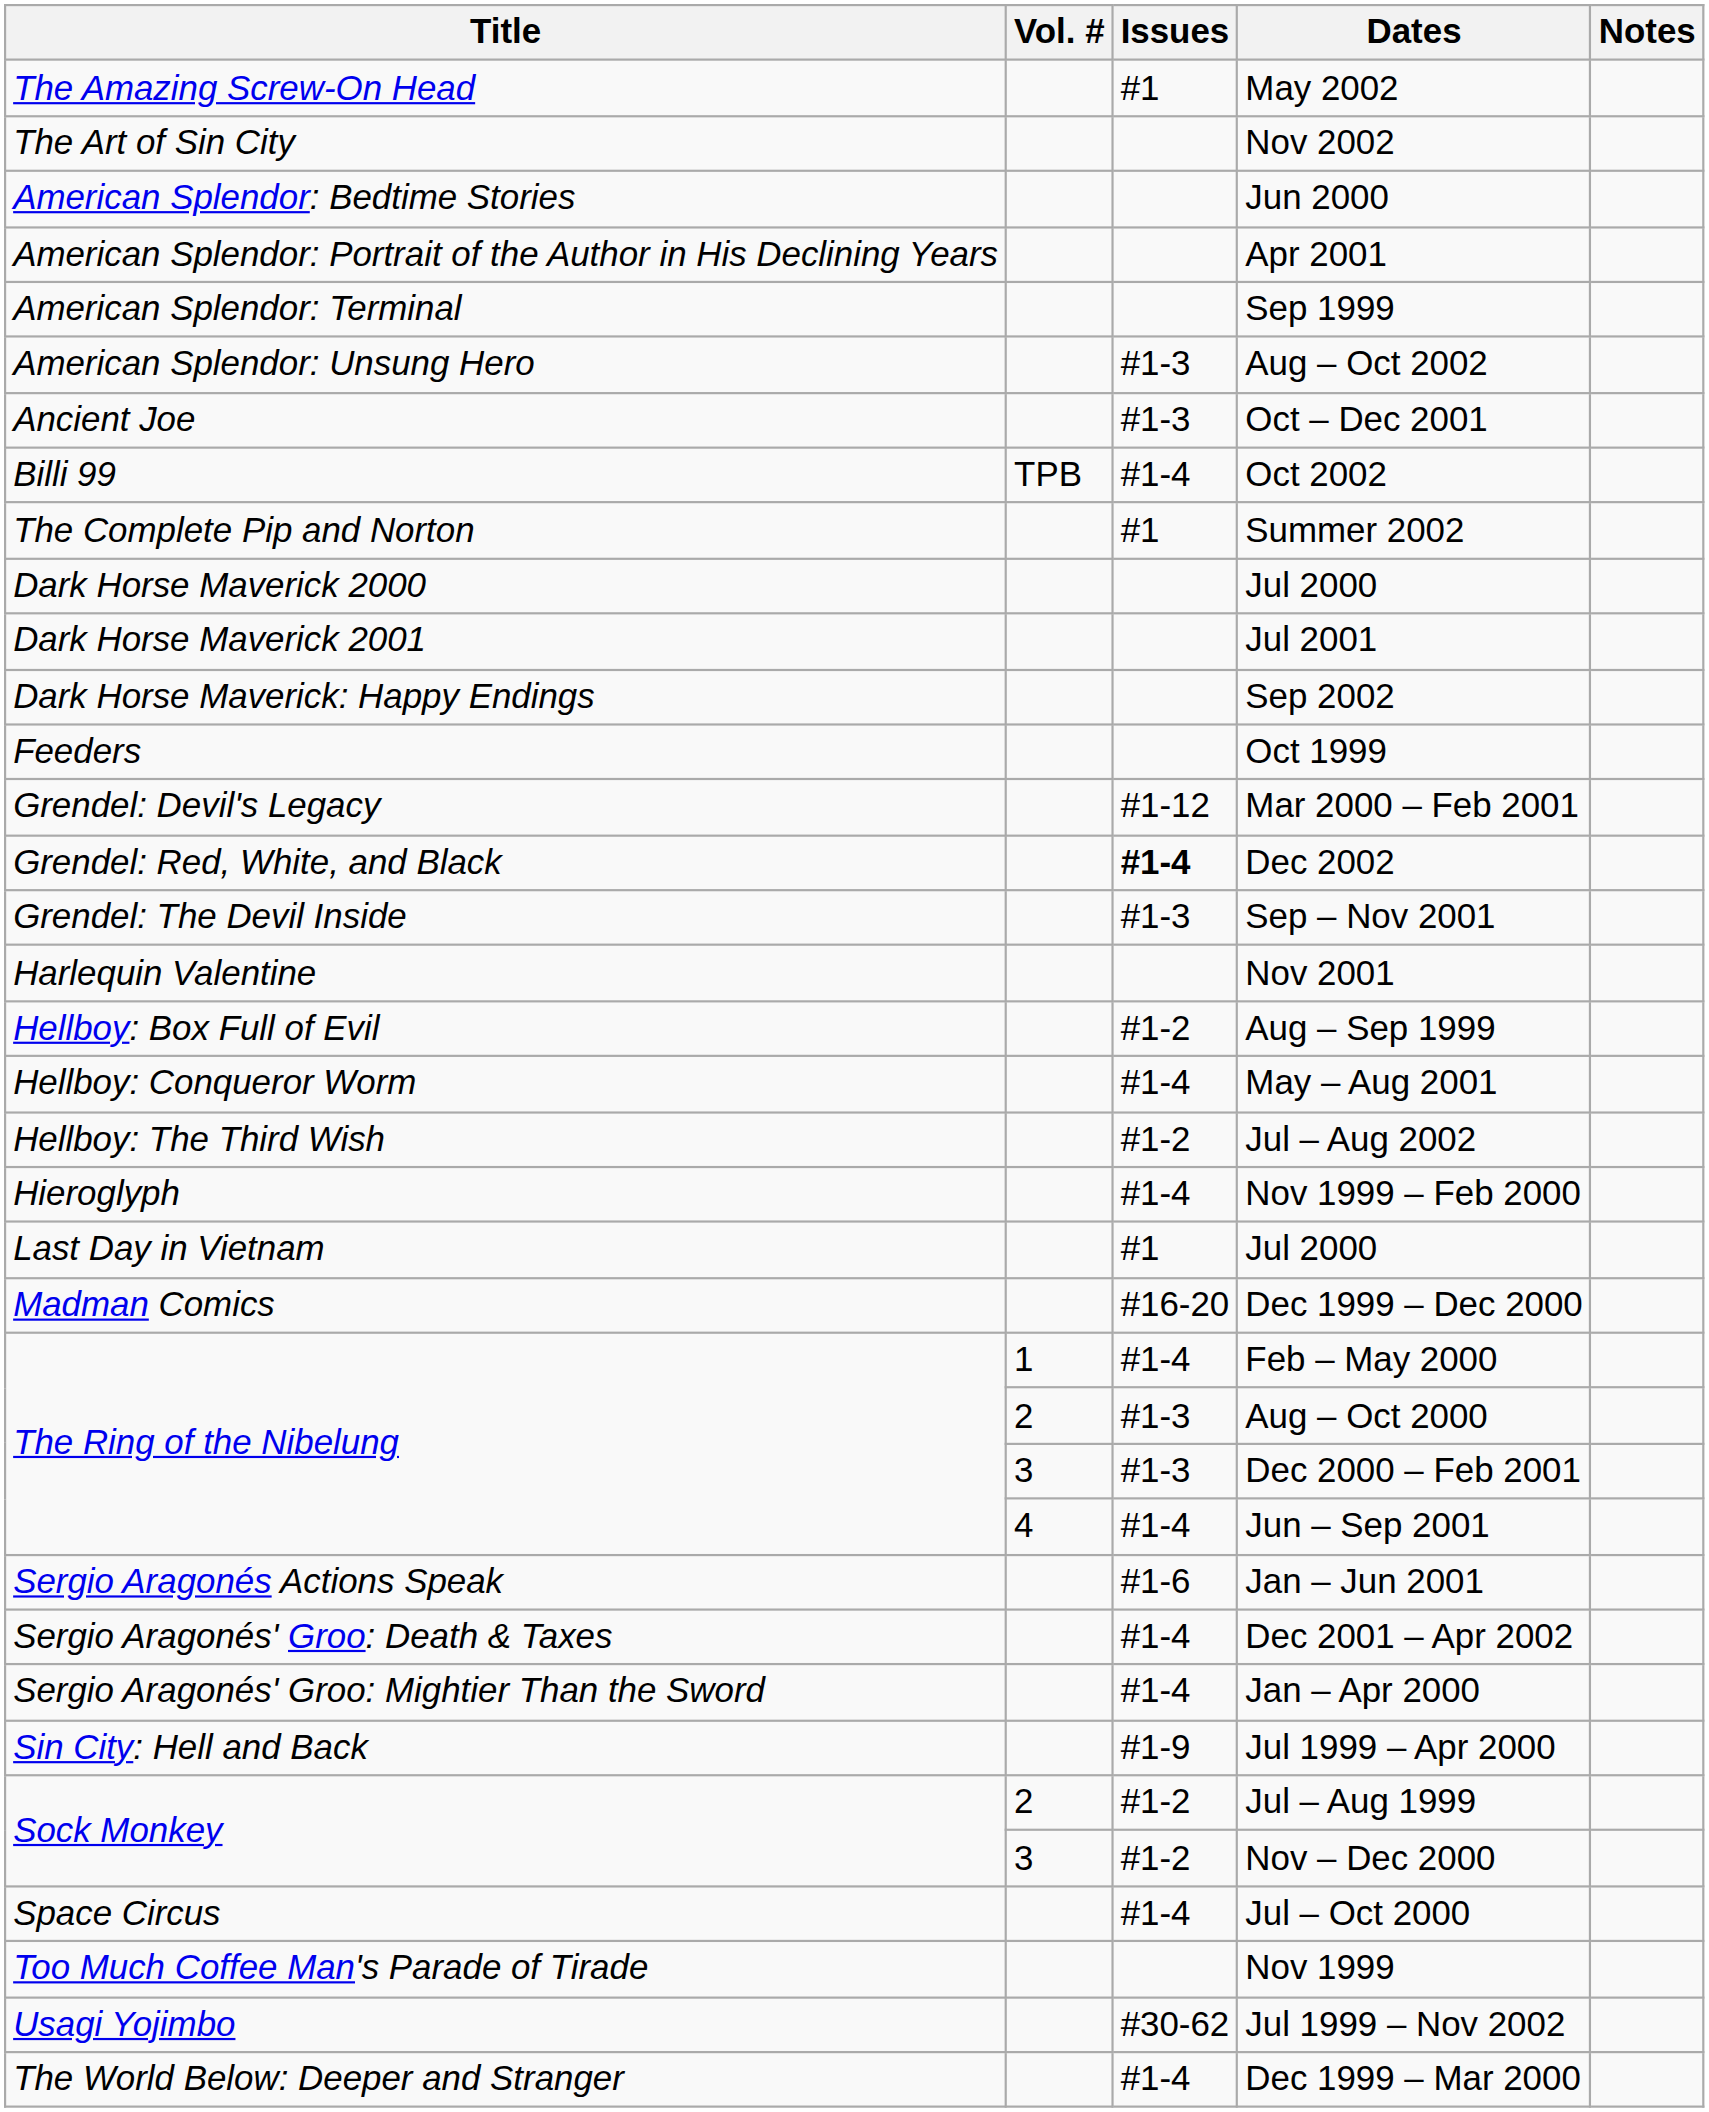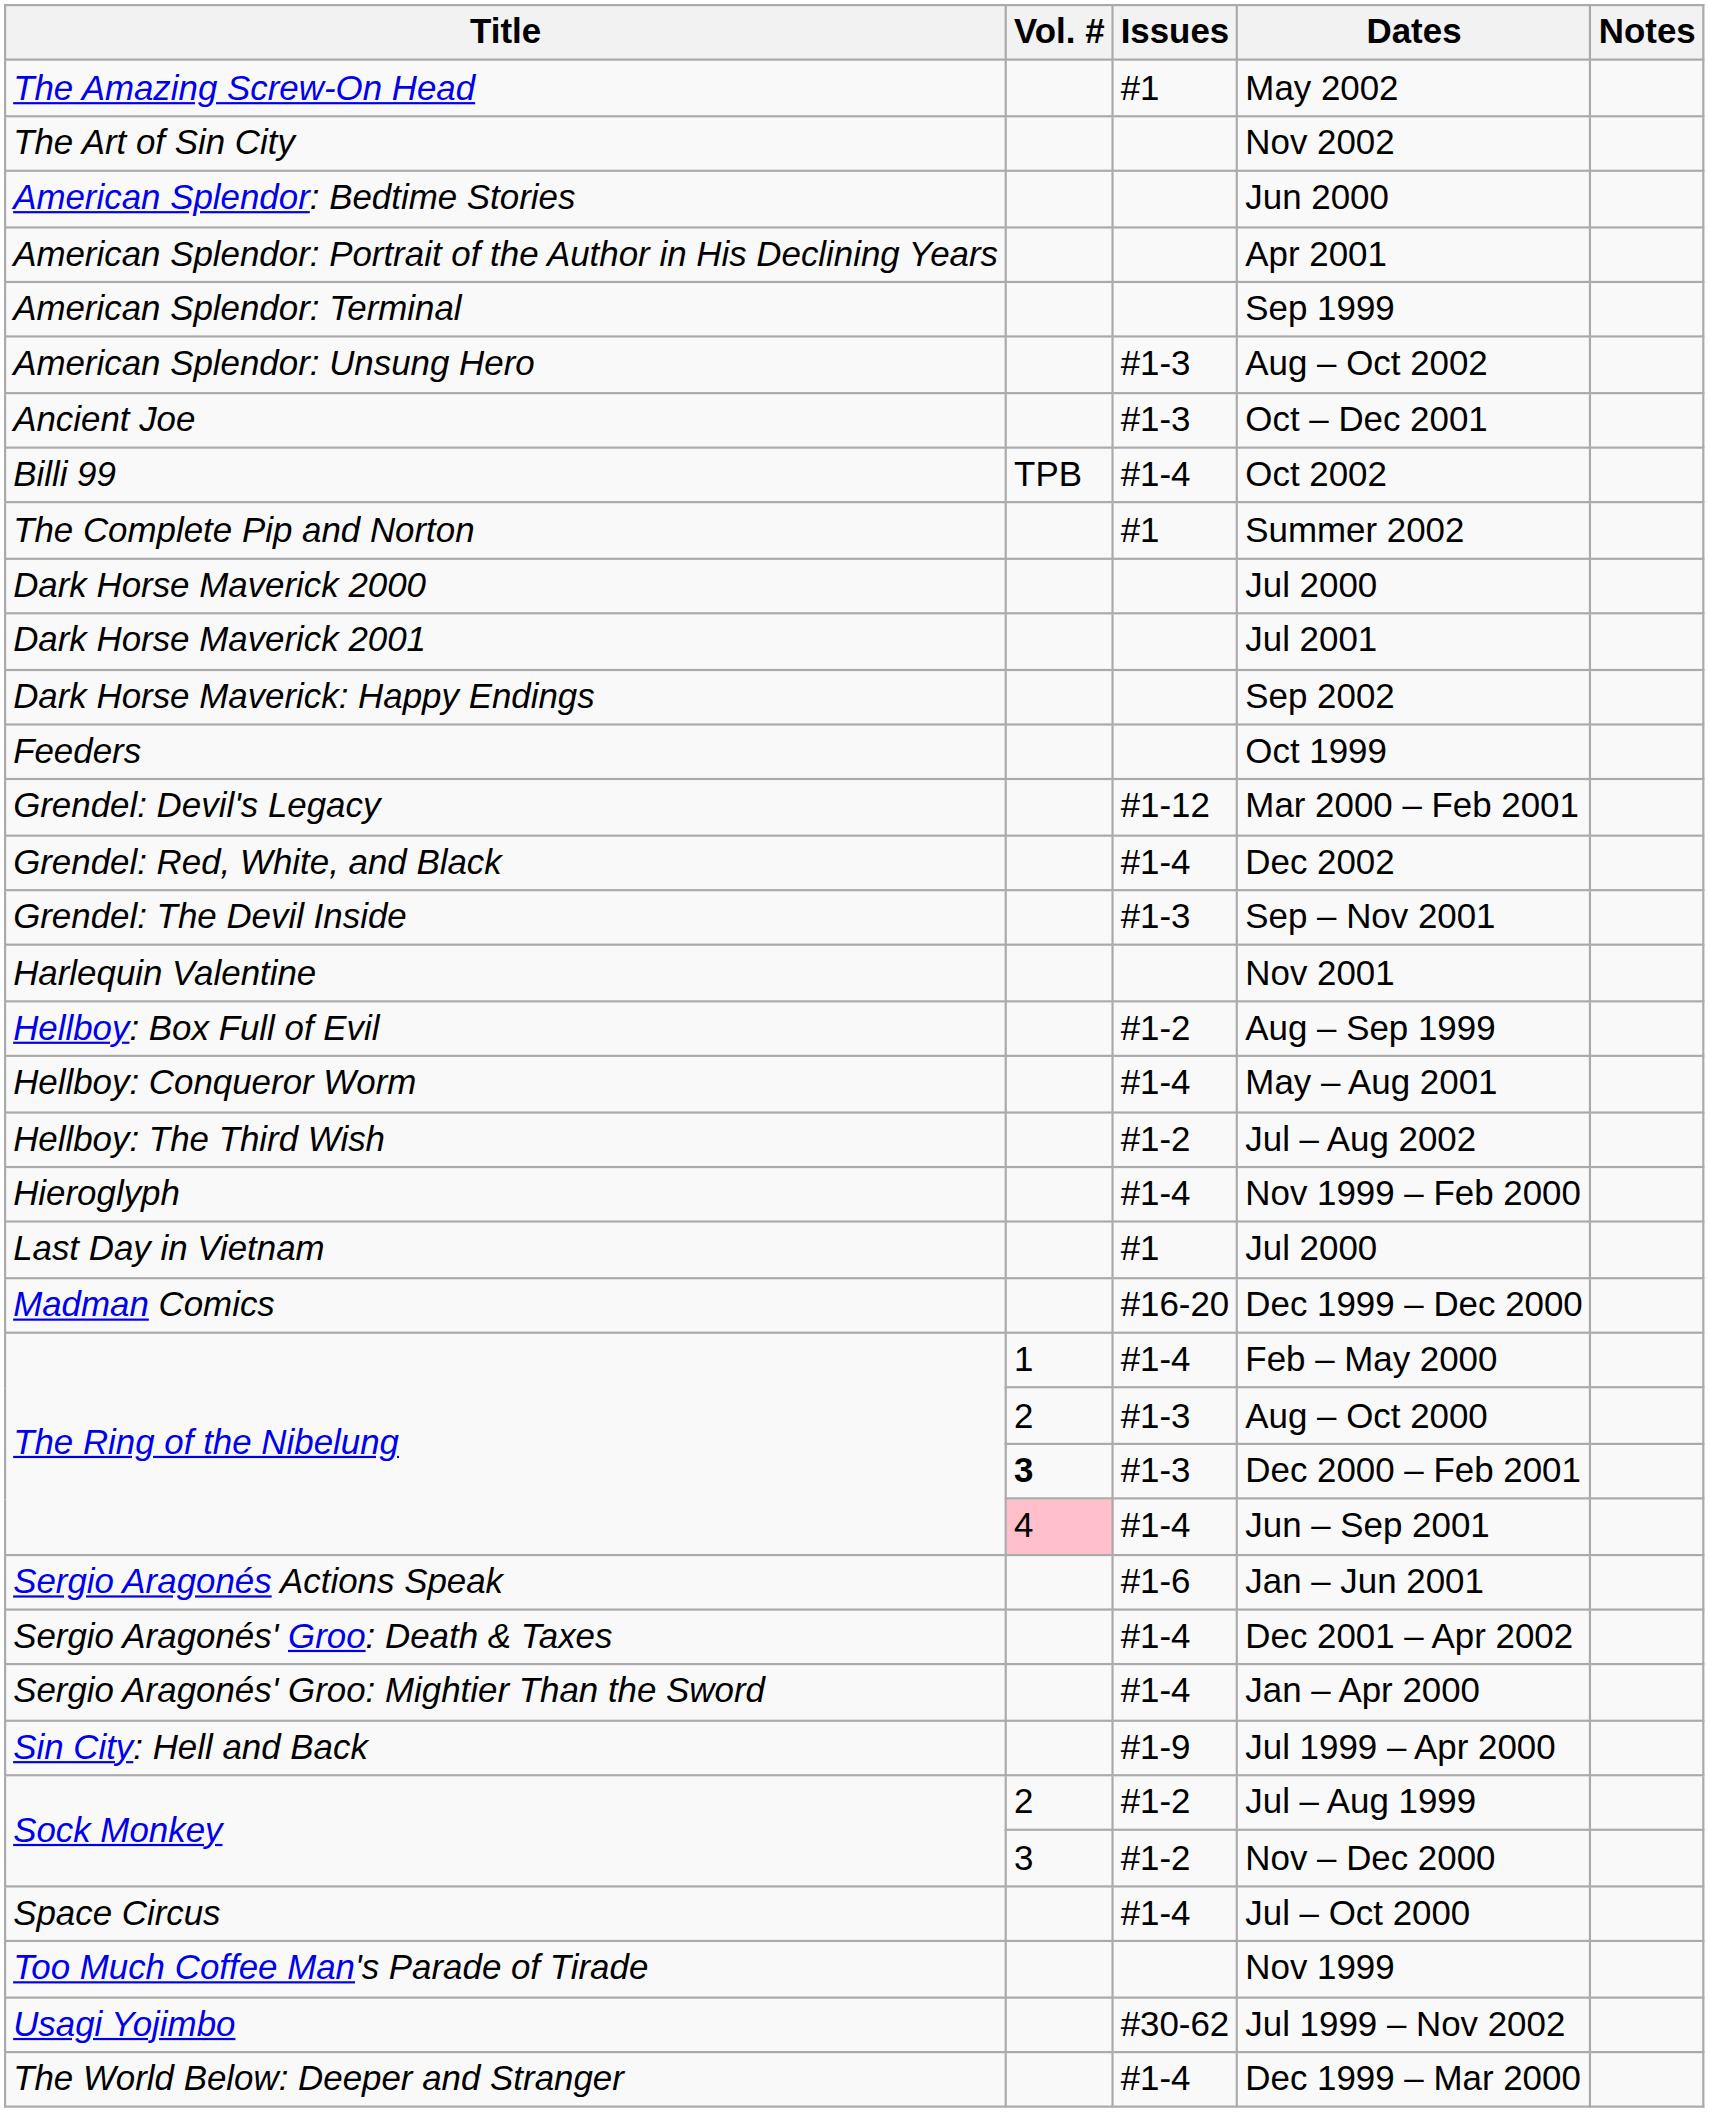 <table class="wikitable">
 <tr>
 <th>Title</th>
 <th>Vol. #</th>
 <th>Issues</th>
 <th>Dates</th>
 <th>Notes</th>
 </tr>
 <tr>
 <td><em><a href='#'>The Amazing Screw-On Head</a></em></td>
 <td></td>
 <td>#1</td>
 <td>May 2002</td>
 <td></td>
 </tr>
 <tr>
 <td><em>The Art of Sin City</em></td>
 <td></td>
 <td></td>
 <td>Nov 2002</td>
 <td></td>
 </tr>
 <tr>
 <td><em><a href='#'>American Splendor</a>: Bedtime Stories</em></td>
 <td></td>
 <td></td>
 <td>Jun 2000</td>
 <td></td>
 </tr>
 <tr>
 <td><em>American Splendor: Portrait of the Author in His Declining Years</em></td>
 <td></td>
 <td></td>
 <td>Apr 2001</td>
 <td></td>
 </tr>
 <tr>
 <td><em>American Splendor: Terminal</em></td>
 <td></td>
 <td></td>
 <td>Sep 1999</td>
 <td></td>
 </tr>
 <tr>
 <td><em>American Splendor: Unsung Hero</em></td>
 <td></td>
 <td>#1-3</td>
 <td>Aug – Oct 2002</td>
 <td></td>
 </tr>
 <tr>
 <td><em>Ancient Joe</em></td>
 <td></td>
 <td>#1-3</td>
 <td>Oct – Dec 2001</td>
 <td></td>
 </tr>
 <tr>
 <td><em>Billi 99</em></td>
 <td>TPB</td>
 <td>#1-4</td>
 <td>Oct 2002</td>
 <td></td>
 </tr>
 <tr>
 <td><em>The Complete Pip and Norton</em></td>
 <td></td>
 <td>#1</td>
 <td>Summer 2002</td>
 <td></td>
 </tr>
 <tr>
 <td><em>Dark Horse Maverick 2000</em></td>
 <td></td>
 <td></td>
 <td>Jul 2000</td>
 <td></td>
 </tr>
 <tr>
 <td><em>Dark Horse Maverick 2001</em></td>
 <td></td>
 <td></td>
 <td>Jul 2001</td>
 <td></td>
 </tr>
 <tr>
 <td><em>Dark Horse Maverick: Happy Endings</em></td>
 <td></td>
 <td></td>
 <td>Sep 2002</td>
 <td></td>
 </tr>
 <tr>
 <td><em>Feeders</em></td>
 <td></td>
 <td></td>
 <td>Oct 1999</td>
 <td></td>
 </tr>
 <tr>
 <td><em>Grendel: Devil's Legacy</em></td>
 <td></td>
 <td>#1-12</td>
 <td>Mar 2000 – Feb 2001</td>
 <td></td>
 </tr>
 <tr>
 <td><em>Grendel: Red, White, and Black</em></td>
 <td></td>
-<td><strong>#1-4</strong></td>
+<td>#1-4</td>
 <td>Dec 2002</td>
 <td></td>
 </tr>
 <tr>
 <td><em>Grendel: The Devil Inside</em></td>
 <td></td>
 <td>#1-3</td>
 <td>Sep – Nov 2001</td>
 <td></td>
 </tr>
 <tr>
 <td><em>Harlequin Valentine</em></td>
 <td></td>
 <td></td>
 <td>Nov 2001</td>
 <td></td>
 </tr>
 <tr>
 <td><em><a href='#'>Hellboy</a>: Box Full of Evil</em></td>
 <td></td>
 <td>#1-2</td>
 <td>Aug – Sep 1999</td>
 <td></td>
 </tr>
 <tr>
 <td><em>Hellboy: Conqueror Worm</em></td>
 <td></td>
 <td>#1-4</td>
 <td>May – Aug 2001</td>
 <td></td>
 </tr>
 <tr>
 <td><em>Hellboy: The Third Wish</em></td>
 <td></td>
 <td>#1-2</td>
 <td>Jul – Aug 2002</td>
 <td></td>
 </tr>
 <tr>
 <td><em>Hieroglyph</em></td>
 <td></td>
 <td>#1-4</td>
 <td>Nov 1999 – Feb 2000</td>
 <td></td>
 </tr>
 <tr>
 <td><em>Last Day in Vietnam</em></td>
 <td></td>
 <td>#1</td>
 <td>Jul 2000</td>
 <td></td>
 </tr>
 <tr>
 <td><em><a href='#'>Madman</a> Comics</em></td>
 <td></td>
 <td>#16-20</td>
 <td>Dec 1999 – Dec 2000</td>
 <td></td>
 </tr>
 <tr>
 <td rowspan="4"><em><a href='#'>The Ring of the Nibelung</a></em></td>
 <td>1</td>
 <td>#1-4</td>
 <td>Feb – May 2000</td>
 <td></td>
 </tr>
 <tr>
 <td>2</td>
 <td>#1-3</td>
 <td>Aug – Oct 2000</td>
 <td></td>
 </tr>
 <tr>
-<td>3</td>
+<td><strong>3</strong></td>
 <td>#1-3</td>
 <td>Dec 2000 – Feb 2001</td>
 <td></td>
 </tr>
 <tr>
-<td>4</td>
+<td style="background: pink;">4</td>
 <td>#1-4</td>
 <td>Jun – Sep 2001</td>
 <td></td>
 </tr>
 <tr>
 <td><em><a href='#'>Sergio Aragonés</a> Actions Speak</em></td>
 <td></td>
 <td>#1-6</td>
 <td>Jan – Jun 2001</td>
 <td></td>
 </tr>
 <tr>
 <td><em>Sergio Aragonés' <a href='#'>Groo</a>: Death & Taxes</em></td>
 <td></td>
 <td>#1-4</td>
 <td>Dec 2001 – Apr 2002</td>
 <td></td>
 </tr>
 <tr>
 <td><em>Sergio Aragonés' Groo: Mightier Than the Sword</em></td>
 <td></td>
 <td>#1-4</td>
 <td>Jan – Apr 2000</td>
 <td></td>
 </tr>
 <tr>
 <td><em><a href='#'>Sin City</a>: Hell and Back</em></td>
 <td></td>
 <td>#1-9</td>
 <td>Jul 1999 – Apr 2000</td>
 <td></td>
 </tr>
 <tr>
 <td rowspan="2"><em><a href='#'>Sock Monkey</a></em></td>
 <td>2</td>
 <td>#1-2</td>
 <td>Jul – Aug 1999</td>
 <td></td>
 </tr>
 <tr>
 <td>3</td>
 <td>#1-2</td>
 <td>Nov – Dec 2000</td>
 <td></td>
 </tr>
 <tr>
 <td><em>Space Circus</em></td>
 <td></td>
 <td>#1-4</td>
 <td>Jul – Oct 2000</td>
 <td></td>
 </tr>
 <tr>
 <td><em><a href='#'>Too Much Coffee Man</a>'s Parade of Tirade</em></td>
 <td></td>
 <td></td>
 <td>Nov 1999</td>
 <td></td>
 </tr>
 <tr>
 <td><em><a href='#'>Usagi Yojimbo</a></em></td>
 <td></td>
 <td>#30-62</td>
 <td>Jul 1999 – Nov 2002</td>
 <td></td>
 </tr>
 <tr>
 <td><em>The World Below: Deeper and Stranger</em></td>
 <td></td>
 <td>#1-4</td>
 <td>Dec 1999 – Mar 2000</td>
 <td></td>
 </tr>
 </table>
